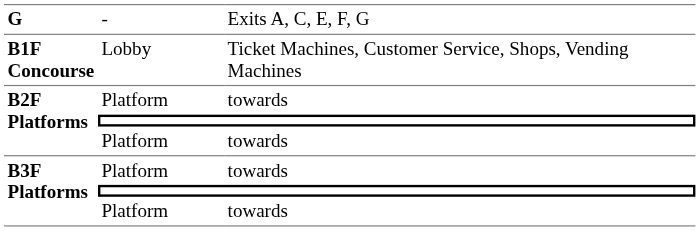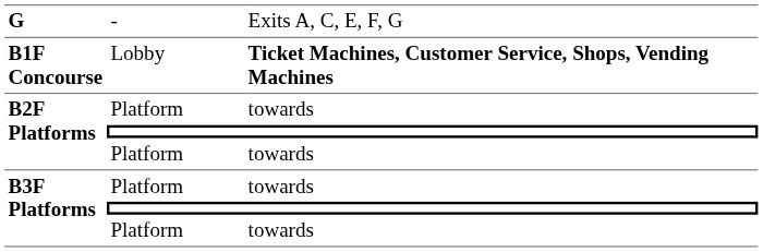 <table table border=0 cellspacing=0 cellpadding=3>
 <tr>
 <td style="border-top:solid 1px gray;" width=50 valign=top><strong>G</strong></td>
 <td style="border-top:solid 1px gray;" width=100 valign=top>-</td>
 <td style="border-top:solid 1px gray;" width=390 valign=top>Exits A, C, E, F, G</td>
 </tr>
 <tr>
 <td style="border-bottom:solid 1px gray; border-top:solid 1px gray;" valign=top width=50><strong>B1F<br>Concourse</strong></td>
 <td style="border-bottom:solid 1px gray; border-top:solid 1px gray;" valign=top width=100>Lobby</td>
-<td style="border-bottom:solid 1px gray; border-top:solid 1px gray;" valign=top width=390>Ticket Machines, Customer Service, Shops, Vending Machines</td>
+<td style="border-bottom:solid 1px gray; border-top:solid 1px gray;" valign=top width=390><strong>Ticket Machines, Customer Service, Shops, Vending Machines</strong></td>
 </tr>
 <tr>
 <td style="border-bottom:solid 1px gray;" rowspan=3 valign=top><strong>B2F<br> Platforms</strong></td>
 <td>Platform</td>
 <td>  towards  </td>
 </tr>
 <tr>
 <td style="border-right:solid 2px black;border-left:solid 2px black;border-top:solid 2px black;border-bottom:solid 2px black;text-align:center;" colspan=2></td>
 </tr>
 <tr>
 <td style="border-bottom:solid 1px gray;">Platform</td>
 <td style="border-bottom:solid 1px gray;">  towards   </td>
 </tr>
 <tr>
 <td style="border-bottom:solid 1px gray;" rowspan="3" valign=top><strong>B3F<br> Platforms</strong></td>
 <td>Platform</td>
 <td>  towards  </td>
 </tr>
 <tr>
 <td style="border-right:solid 2px black;border-left:solid 2px black;border-top:solid 2px black;border-bottom:solid 2px black;text-align:center;" colspan=2></td>
 </tr>
 <tr>
 <td style="border-bottom:solid 1px gray;">Platform</td>
 <td style="border-bottom:solid 1px gray;">  towards   </td>
 </tr>
 </table>
